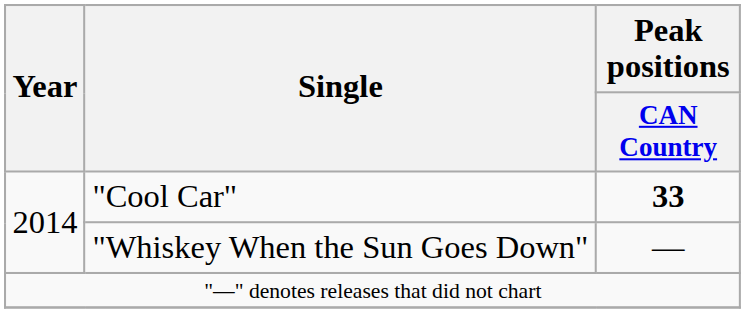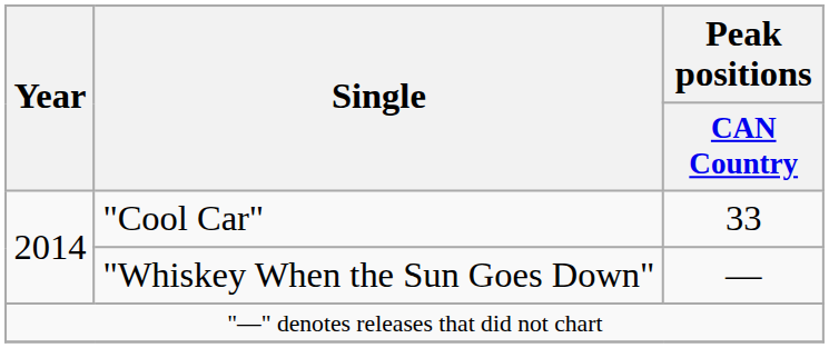 <table class="wikitable" style="text-align:center;">
 <tr>
 <th rowspan="2">Year</th>
 <th rowspan="2">Single</th>
 <th>Peak positions</th>
 </tr>
 <tr style="font-size:smaller;">
 <th width="65"><a href='#'>CAN Country</a><br></th>
 </tr>
 <tr>
 <td rowspan="2">2014</td>
 <td align="left">"Cool Car"</td>
-<td><strong>33</strong></td>
+<td>33</td>
 </tr>
 <tr>
 <td align="left">"Whiskey When the Sun Goes Down"</td>
 <td>—</td>
 </tr>
 <tr>
 <td colspan="3" style="font-size:8pt">"—" denotes releases that did not chart</td>
 </tr>
 <tr>
 </tr>
 </table>
